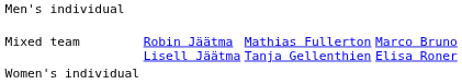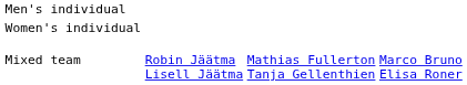 <table>
 <tr>
 <td>Men's individual<br></td>
+<td></td>
+<td></td>
+<td></td>
+</tr>
+<tr>
+<td>Women's individual<br></td>
 <td></td>
 <td></td>
 <td></td>
 </tr>
 <tr>
 <td>Mixed team<br></td>
 <td><br><a href='#'>Robin Jäätma</a><br><a href='#'>Lisell Jäätma</a></td>
 <td><br><a href='#'>Mathias Fullerton</a><br><a href='#'>Tanja Gellenthien</a></td>
 <td><br><a href='#'>Marco Bruno</a><br><a href='#'>Elisa Roner</a></td>
 </tr>
-<tr>
-<td>Women's individual<br></td>
-<td></td>
-<td></td>
-<td></td>
-</tr>
 </table>
